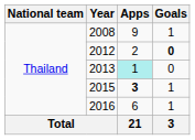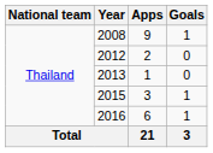 <table class="wikitable" style="text-align:center">
 <tr>
 <th>National team</th>
 <th>Year</th>
 <th>Apps</th>
 <th>Goals</th>
 </tr>
 <tr>
 <td rowspan="5" valign="center"><a href='#'>Thailand</a></td>
 <td>2008</td>
 <td>9</td>
 <td>1</td>
 </tr>
 <tr>
 <td>2012</td>
 <td>2</td>
-<td><strong>0</strong></td>
+<td>0</td>
 </tr>
 <tr>
 <td>2013</td>
-<td style="background: paleturquoise;">1</td>
+<td>1</td>
 <td>0</td>
 </tr>
 <tr>
 <td>2015</td>
-<td><strong>3</strong></td>
+<td>3</td>
 <td>1</td>
 </tr>
 <tr>
 <td>2016</td>
 <td>6</td>
 <td>1</td>
 </tr>
 <tr>
 <th colspan="2">Total</th>
 <th>21</th>
 <th>3</th>
 </tr>
 </table>
